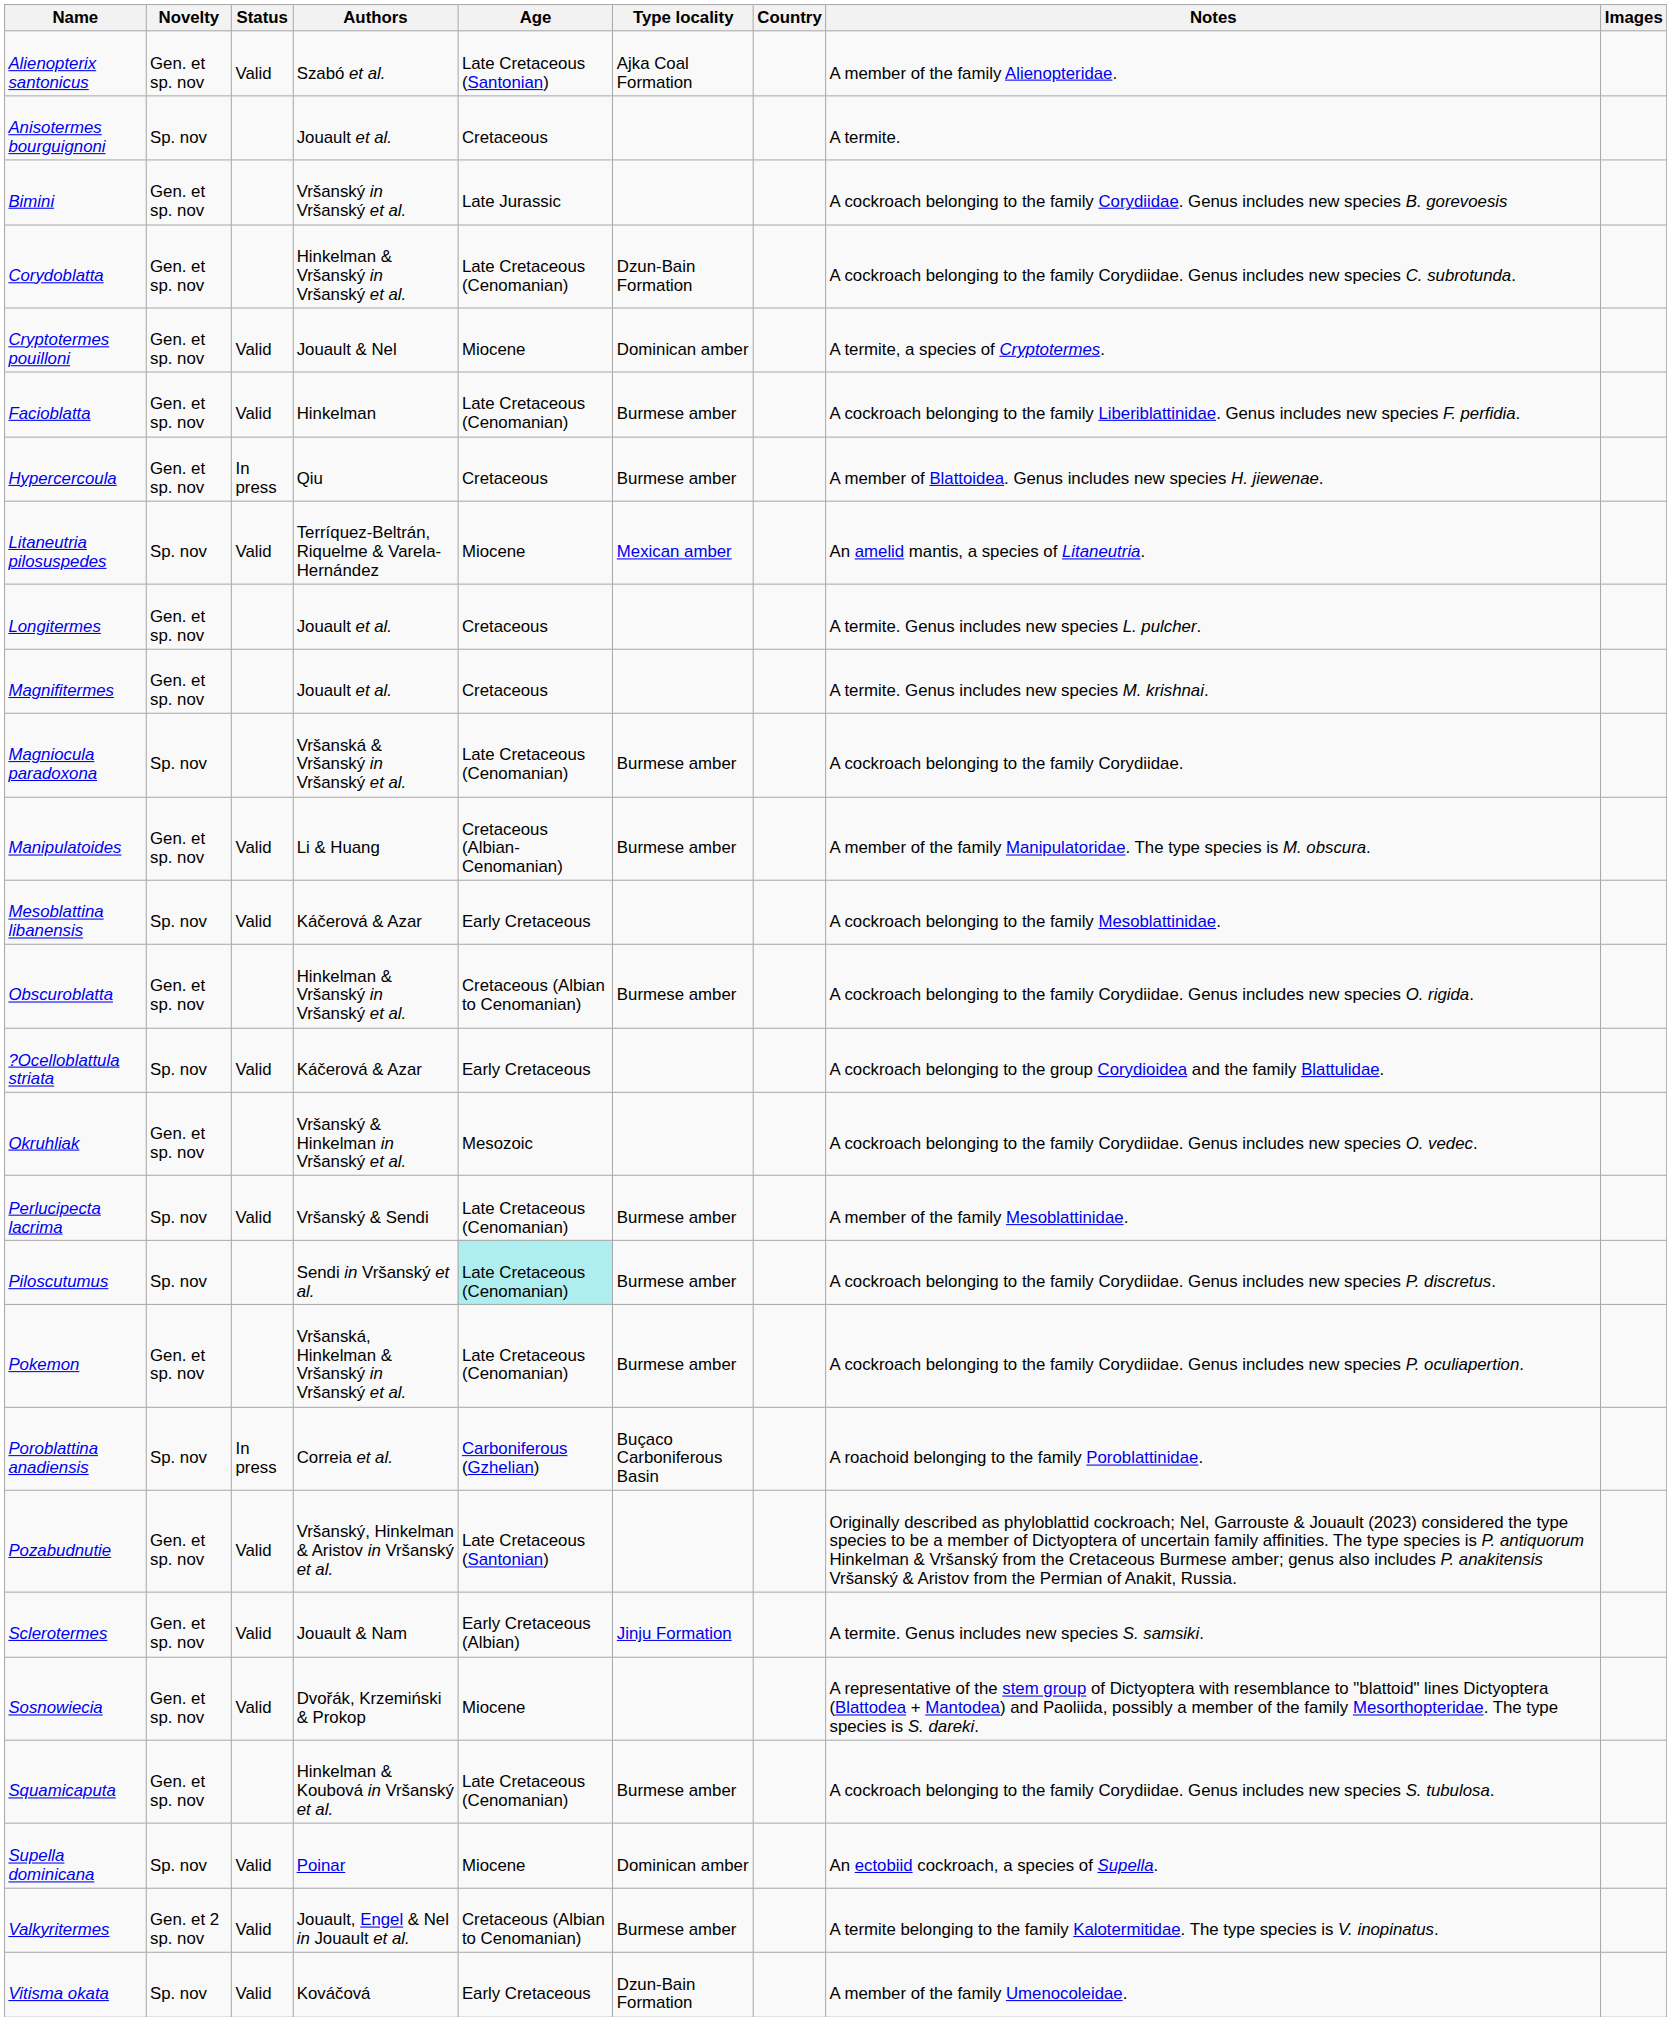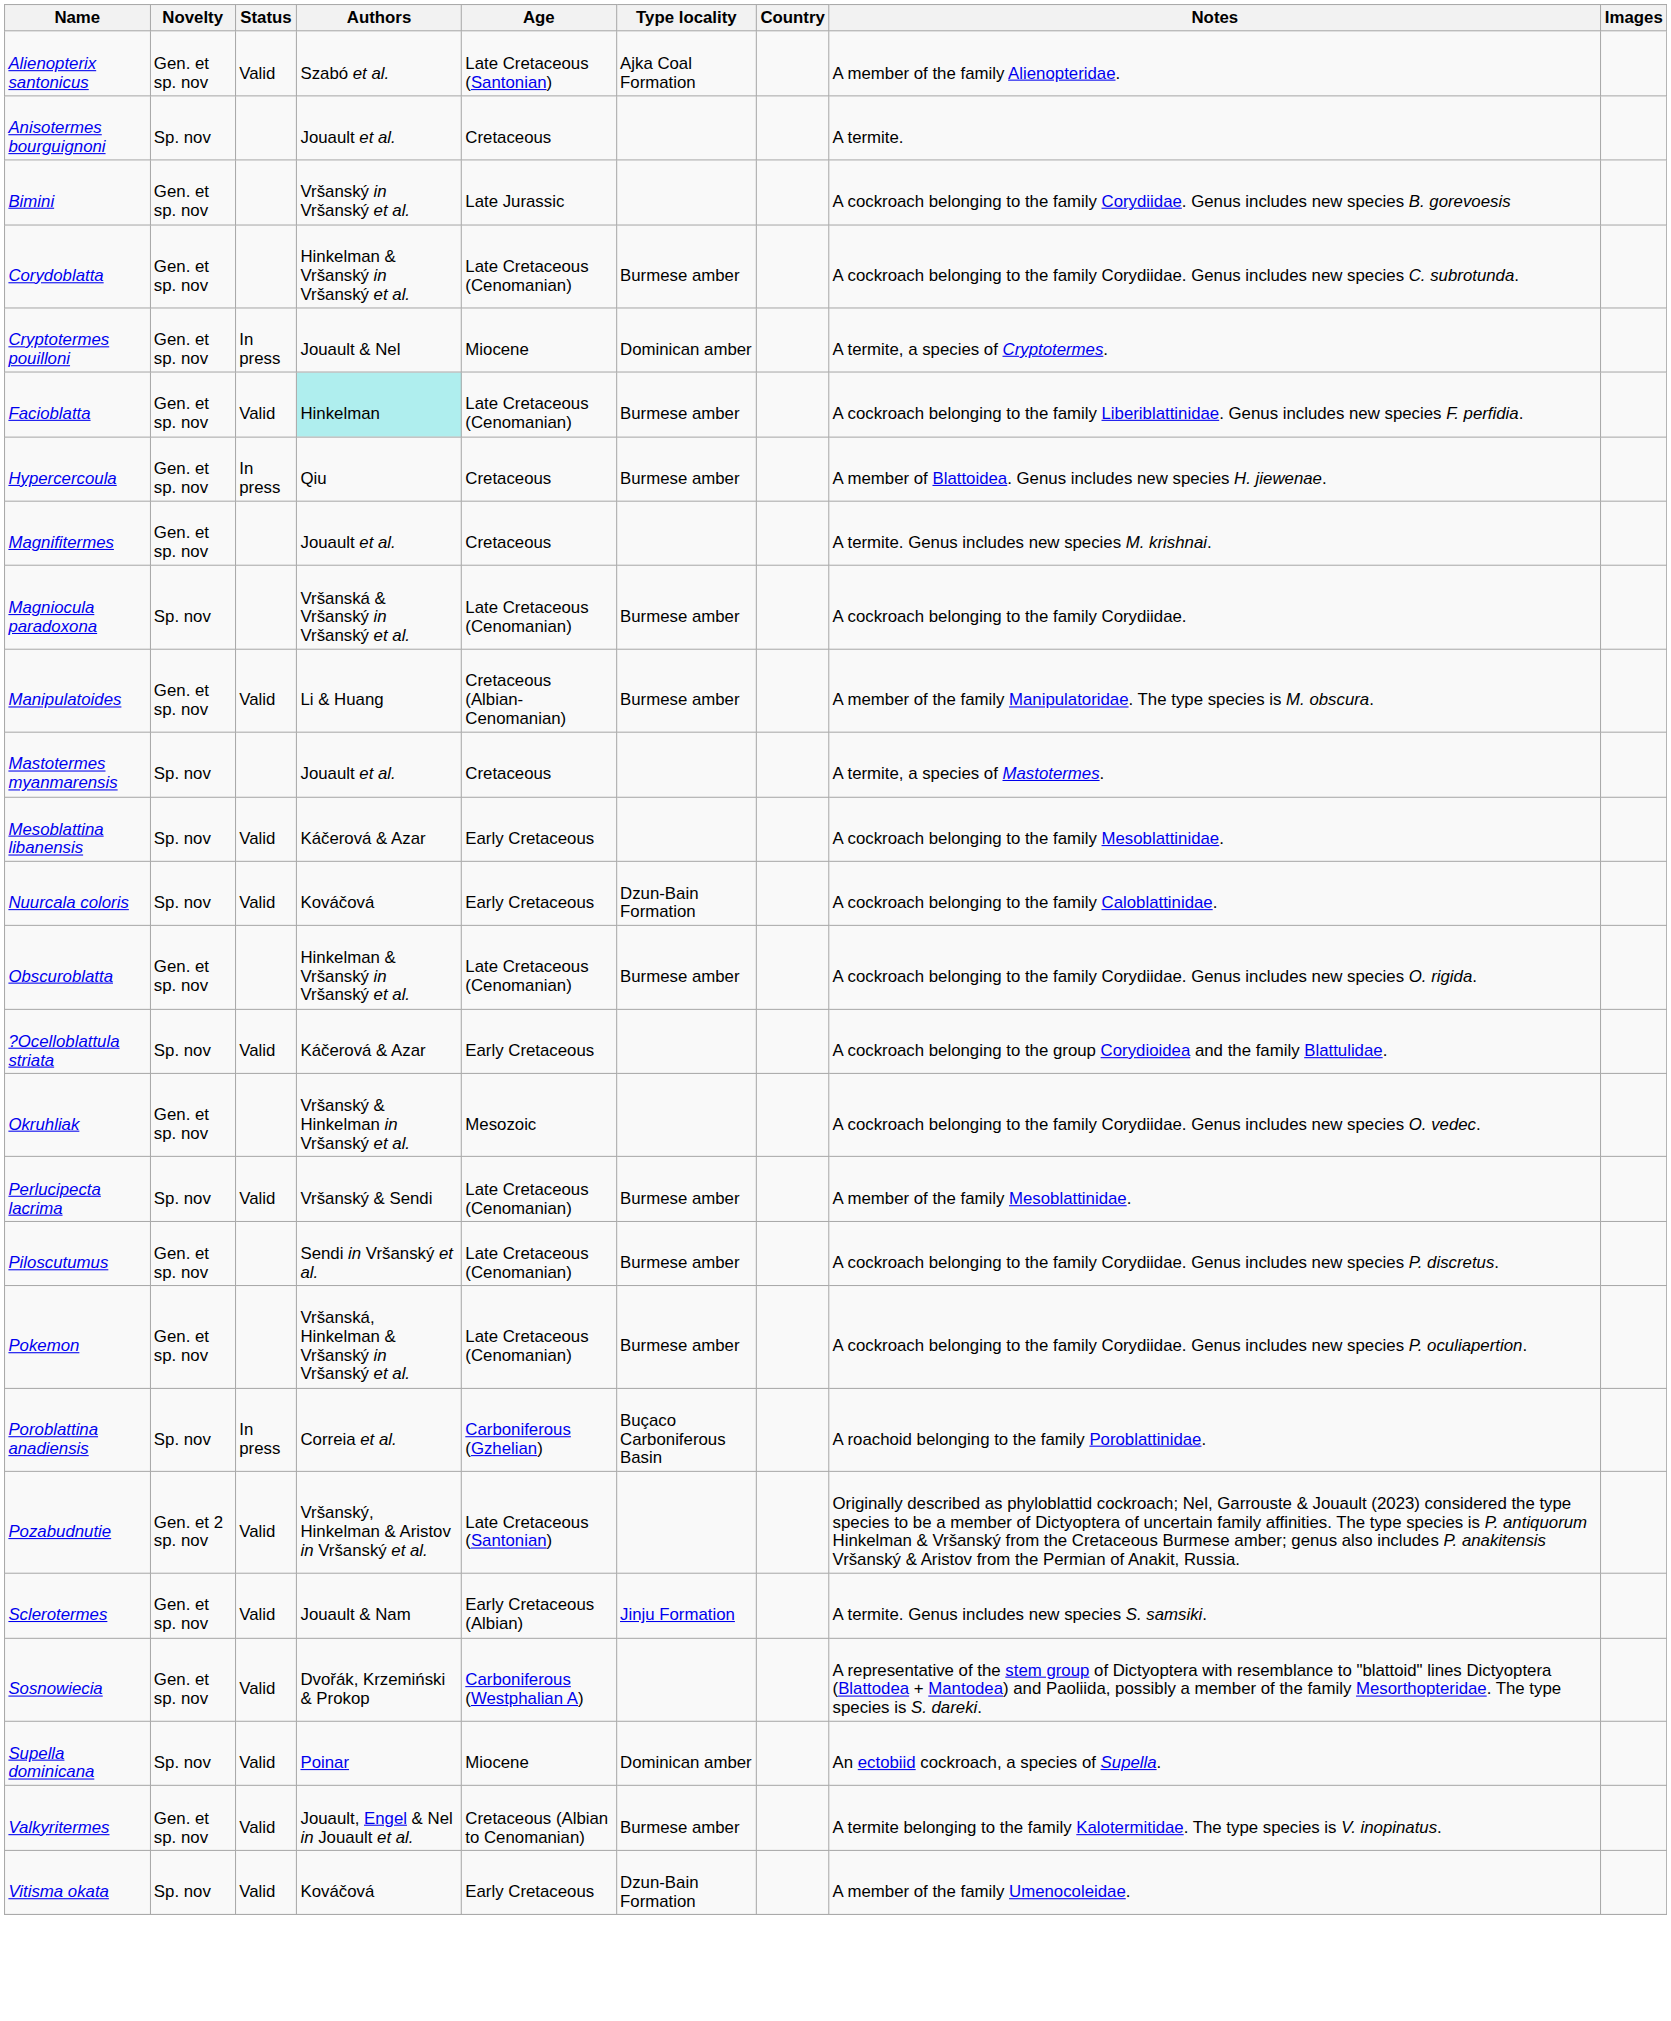 <table class="wikitable sortable" align="center" width="100%">
 <tr>
 <th>Name</th>
 <th>Novelty</th>
 <th>Status</th>
 <th>Authors</th>
 <th>Age</th>
 <th>Type locality</th>
 <th>Country</th>
 <th>Notes</th>
 <th>Images</th>
 </tr>
 <tr>
 <td><br><em><a href='#'>Alienopterix santonicus</a></em></td>
 <td><br>Gen. et sp. nov</td>
 <td><br>Valid</td>
 <td><br>Szabó <em>et al.</em></td>
 <td><br>Late Cretaceous (<a href='#'>Santonian</a>)</td>
 <td><br>Ajka Coal Formation</td>
 <td><br></td>
 <td><br>A member of the family <a href='#'>Alienopteridae</a>.</td>
 <td></td>
 </tr>
 <tr>
 <td><br><em><a href='#'>Anisotermes bourguignoni</a></em></td>
 <td><br>Sp. nov</td>
 <td></td>
 <td><br>Jouault <em>et al.</em></td>
 <td><br>Cretaceous</td>
 <td></td>
 <td><br></td>
 <td><br>A termite.</td>
 <td></td>
 </tr>
 <tr>
 <td><br><em><a href='#'>Bimini</a></em></td>
 <td><br>Gen. et sp. nov</td>
 <td></td>
 <td><br>Vršanský <em>in</em> Vršanský <em>et al.</em></td>
 <td><br>Late Jurassic</td>
 <td></td>
 <td><br></td>
 <td><br>A cockroach belonging to the family <a href='#'>Corydiidae</a>. Genus includes new species <em>B. gorevoesis</em></td>
 <td></td>
 </tr>
 <tr>
 <td><br><em><a href='#'>Corydoblatta</a></em></td>
 <td><br>Gen. et sp. nov</td>
 <td></td>
 <td><br>Hinkelman & Vršanský <em>in</em> Vršanský <em>et al.</em></td>
 <td><br>Late Cretaceous (Cenomanian)</td>
-<td><br>Dzun-Bain Formation</td>
+<td><br>Burmese amber</td>
 <td><br></td>
 <td><br>A cockroach belonging to the family Corydiidae. Genus includes new species <em>C. subrotunda</em>.</td>
 <td></td>
 </tr>
 <tr>
 <td><br><em><a href='#'>Cryptotermes pouilloni</a></em></td>
 <td><br>Gen. et sp. nov</td>
-<td><br>Valid</td>
+<td><br>In press</td>
 <td><br>Jouault & Nel</td>
 <td><br>Miocene</td>
 <td><br>Dominican amber</td>
 <td><br></td>
 <td><br>A termite, a species of <em><a href='#'>Cryptotermes</a></em>.</td>
 <td></td>
 </tr>
 <tr>
 <td><br><em><a href='#'>Facioblatta</a></em></td>
 <td><br>Gen. et sp. nov</td>
 <td><br>Valid</td>
-<td><br>Hinkelman</td>
+<td style="background: paleturquoise;"><br>Hinkelman</td>
 <td><br>Late Cretaceous (Cenomanian)</td>
 <td><br>Burmese amber</td>
 <td><br></td>
 <td><br>A cockroach belonging to the family <a href='#'>Liberiblattinidae</a>. Genus includes new species <em>F. perfidia</em>.</td>
 <td></td>
 </tr>
 <tr>
 <td><br><em><a href='#'>Hypercercoula</a></em></td>
 <td><br>Gen. et sp. nov</td>
 <td><br>In press</td>
 <td><br>Qiu</td>
 <td><br>Cretaceous</td>
 <td><br>Burmese amber</td>
 <td><br></td>
 <td><br>A member of <a href='#'>Blattoidea</a>. Genus includes new species <em>H. jiewenae</em>.</td>
-<td></td>
-</tr>
-<tr>
-<td><br><em><a href='#'>Litaneutria pilosuspedes</a></em></td>
-<td><br>Sp. nov</td>
-<td><br>Valid</td>
-<td><br>Terríquez-Beltrán, Riquelme & Varela-Hernández</td>
-<td><br>Miocene</td>
-<td><br><a href='#'>Mexican amber</a></td>
-<td><br></td>
-<td><br>An <a href='#'>amelid</a> mantis, a species of <em><a href='#'>Litaneutria</a></em>.</td>
-<td></td>
-</tr>
-<tr>
-<td><br><em><a href='#'>Longitermes</a></em></td>
-<td><br>Gen. et sp. nov</td>
-<td></td>
-<td><br>Jouault <em>et al.</em></td>
-<td><br>Cretaceous</td>
-<td></td>
-<td><br></td>
-<td><br>A termite. Genus includes new species <em>L. pulcher</em>.</td>
 <td></td>
 </tr>
 <tr>
 <td><br><em><a href='#'>Magnifitermes</a></em></td>
 <td><br>Gen. et sp. nov</td>
 <td></td>
 <td><br>Jouault <em>et al.</em></td>
 <td><br>Cretaceous</td>
 <td></td>
 <td><br></td>
 <td><br>A termite. Genus includes new species <em>M. krishnai</em>.</td>
 <td></td>
 </tr>
 <tr>
 <td><br><em><a href='#'>Magniocula paradoxona</a></em></td>
 <td><br>Sp. nov</td>
 <td></td>
 <td><br>Vršanská & Vršanský <em>in</em> Vršanský <em>et al.</em></td>
 <td><br>Late Cretaceous (Cenomanian)</td>
 <td><br>Burmese amber</td>
 <td><br></td>
 <td><br>A cockroach belonging to the family Corydiidae.</td>
 <td></td>
 </tr>
 <tr>
 <td><br><em><a href='#'>Manipulatoides</a></em></td>
 <td><br>Gen. et sp. nov</td>
 <td><br>Valid</td>
 <td><br>Li & Huang</td>
 <td><br>Cretaceous (Albian-Cenomanian)</td>
 <td><br>Burmese amber</td>
 <td><br></td>
 <td><br>A member of the family <a href='#'>Manipulatoridae</a>. The type species is <em>M. obscura</em>.</td>
 <td></td>
 </tr>
 <tr>
+<td><br><em><a href='#'>Mastotermes myanmarensis</a></em></td>
+<td><br>Sp. nov</td>
+<td></td>
+<td><br>Jouault <em>et al.</em></td>
+<td><br>Cretaceous</td>
+<td></td>
+<td><br></td>
+<td><br>A termite, a species of <em><a href='#'>Mastotermes</a></em>.</td>
+<td></td>
+</tr>
+<tr>
 <td><br><em><a href='#'>Mesoblattina libanensis</a></em></td>
 <td><br>Sp. nov</td>
 <td><br>Valid</td>
 <td><br>Káčerová & Azar</td>
 <td><br>Early Cretaceous</td>
 <td></td>
 <td><br></td>
 <td><br>A cockroach belonging to the family <a href='#'>Mesoblattinidae</a>.</td>
 <td></td>
 </tr>
 <tr>
+<td><br><em><a href='#'>Nuurcala coloris</a></em></td>
+<td><br>Sp. nov</td>
+<td><br>Valid</td>
+<td><br>Kováčová</td>
+<td><br>Early Cretaceous</td>
+<td><br>Dzun-Bain Formation</td>
+<td><br></td>
+<td><br>A cockroach belonging to the family <a href='#'>Caloblattinidae</a>.</td>
+<td></td>
+</tr>
+<tr>
 <td><br><em><a href='#'>Obscuroblatta</a></em></td>
 <td><br>Gen. et sp. nov</td>
 <td></td>
 <td><br>Hinkelman & Vršanský <em>in</em> Vršanský <em>et al.</em></td>
-<td><br>Cretaceous (Albian to Cenomanian)</td>
+<td><br>Late Cretaceous (Cenomanian)</td>
 <td><br>Burmese amber</td>
 <td><br></td>
 <td><br>A cockroach belonging to the family Corydiidae. Genus includes new species <em>O. rigida</em>.</td>
 <td></td>
 </tr>
 <tr>
 <td><br><em><a href='#'>?Ocelloblattula striata</a></em></td>
 <td><br>Sp. nov</td>
 <td><br>Valid</td>
 <td><br>Káčerová & Azar</td>
 <td><br>Early Cretaceous</td>
 <td></td>
 <td><br></td>
 <td><br>A cockroach belonging to the group <a href='#'>Corydioidea</a> and the family <a href='#'>Blattulidae</a>.</td>
 <td></td>
 </tr>
 <tr>
 <td><br><em><a href='#'>Okruhliak</a></em></td>
 <td><br>Gen. et sp. nov</td>
 <td></td>
 <td><br>Vršanský & Hinkelman <em>in</em> Vršanský <em>et al.</em></td>
 <td><br>Mesozoic</td>
 <td></td>
 <td></td>
 <td><br>A cockroach belonging to the family Corydiidae. Genus includes new species <em>O. vedec</em>.</td>
 <td></td>
 </tr>
 <tr>
 <td><br><em><a href='#'>Perlucipecta lacrima</a></em></td>
 <td><br>Sp. nov</td>
 <td><br>Valid</td>
 <td><br>Vršanský & Sendi</td>
 <td><br>Late Cretaceous (Cenomanian)</td>
 <td><br>Burmese amber</td>
 <td><br></td>
 <td><br>A member of the family <a href='#'>Mesoblattinidae</a>.</td>
 <td></td>
 </tr>
 <tr>
 <td><br><em><a href='#'>Piloscutumus</a></em></td>
-<td><br>Sp. nov</td>
+<td><br>Gen. et sp. nov</td>
 <td></td>
 <td><br>Sendi <em>in</em> Vršanský <em>et al.</em></td>
-<td style="background: paleturquoise;"><br>Late Cretaceous (Cenomanian)</td>
+<td><br>Late Cretaceous (Cenomanian)</td>
 <td><br>Burmese amber</td>
 <td><br></td>
 <td><br>A cockroach belonging to the family Corydiidae. Genus includes new species <em>P. discretus</em>.</td>
 <td></td>
 </tr>
 <tr>
 <td><br><em><a href='#'>Pokemon</a></em></td>
 <td><br>Gen. et sp. nov</td>
 <td></td>
 <td><br>Vršanská, Hinkelman & Vršanský <em>in</em> Vršanský <em>et al.</em></td>
 <td><br>Late Cretaceous (Cenomanian)</td>
 <td><br>Burmese amber</td>
 <td><br></td>
 <td><br>A cockroach belonging to the family Corydiidae. Genus includes new species <em>P. oculiapertion</em>.</td>
 <td></td>
 </tr>
 <tr>
 <td><br><em><a href='#'>Poroblattina anadiensis</a></em></td>
 <td><br>Sp. nov</td>
 <td><br>In press</td>
 <td><br>Correia <em>et al.</em></td>
 <td><br><a href='#'>Carboniferous</a> (<a href='#'>Gzhelian</a>)</td>
 <td><br>Buçaco Carboniferous Basin</td>
 <td><br></td>
 <td><br>A roachoid belonging to the family <a href='#'>Poroblattinidae</a>.</td>
 <td></td>
 </tr>
 <tr>
 <td><br><em><a href='#'>Pozabudnutie</a></em></td>
-<td><br>Gen. et sp. nov</td>
+<td><br>Gen. et 2 sp. nov</td>
 <td><br>Valid</td>
 <td><br>Vršanský, Hinkelman & Aristov <em>in</em> Vršanský <em>et al.</em></td>
 <td><br>Late Cretaceous (<a href='#'>Santonian</a>)</td>
 <td></td>
 <td><br><br> </td>
 <td><br>Originally described as phyloblattid cockroach; Nel, Garrouste & Jouault (2023) considered the type species to be a member of Dictyoptera of uncertain family affinities. The type species is <em>P. antiquorum</em> Hinkelman & Vršanský from the Cretaceous Burmese amber; genus also includes <em>P. anakitensis</em> Vršanský & Aristov from the Permian of Anakit, Russia.</td>
 <td></td>
 </tr>
 <tr>
 <td><br><em><a href='#'>Sclerotermes</a></em></td>
 <td><br>Gen. et sp. nov</td>
 <td><br>Valid</td>
 <td><br>Jouault & Nam</td>
 <td><br>Early Cretaceous (Albian)</td>
 <td><br><a href='#'>Jinju Formation</a></td>
 <td><br></td>
 <td><br>A termite. Genus includes new species <em>S. samsiki</em>.</td>
 <td></td>
 </tr>
 <tr>
 <td><br><em><a href='#'>Sosnowiecia</a></em></td>
 <td><br>Gen. et sp. nov</td>
 <td><br>Valid</td>
 <td><br>Dvořák, Krzemiński & Prokop</td>
-<td><br>Miocene</td>
+<td><br><a href='#'>Carboniferous</a> (<a href='#'>Westphalian A</a>)</td>
 <td></td>
 <td><br></td>
 <td><br>A representative of the <a href='#'>stem group</a> of Dictyoptera with resemblance to "blattoid" lines Dictyoptera (<a href='#'>Blattodea</a> + <a href='#'>Mantodea</a>) and Paoliida, possibly a member of the family <a href='#'>Mesorthopteridae</a>. The type species is <em>S. dareki</em>.</td>
-<td></td>
-</tr>
-<tr>
-<td><br><em><a href='#'>Squamicaputa</a></em></td>
-<td><br>Gen. et sp. nov</td>
-<td></td>
-<td><br>Hinkelman & Koubová <em>in</em> Vršanský <em>et al.</em></td>
-<td><br>Late Cretaceous (Cenomanian)</td>
-<td><br>Burmese amber</td>
-<td><br></td>
-<td><br>A cockroach belonging to the family Corydiidae. Genus includes new species <em>S. tubulosa</em>.</td>
 <td></td>
 </tr>
 <tr>
 <td><br><em><a href='#'>Supella dominicana</a></em></td>
 <td><br>Sp. nov</td>
 <td><br>Valid</td>
 <td><br><a href='#'>Poinar</a></td>
 <td><br>Miocene</td>
 <td><br>Dominican amber</td>
 <td><br></td>
 <td><br>An <a href='#'>ectobiid</a> cockroach, a species of <em><a href='#'>Supella</a></em>.</td>
 <td></td>
 </tr>
 <tr>
 <td><br><em><a href='#'>Valkyritermes</a></em></td>
-<td><br>Gen. et 2 sp. nov</td>
+<td><br>Gen. et sp. nov</td>
 <td><br>Valid</td>
 <td><br>Jouault, <a href='#'>Engel</a> & Nel <em>in</em> Jouault <em>et al.</em></td>
 <td><br>Cretaceous (Albian to Cenomanian)</td>
 <td><br>Burmese amber</td>
 <td><br></td>
 <td><br>A termite belonging to the family <a href='#'>Kalotermitidae</a>. The type species is <em>V. inopinatus</em>.</td>
 <td></td>
 </tr>
 <tr>
 <td><br><em><a href='#'>Vitisma okata</a></em></td>
 <td><br>Sp. nov</td>
 <td><br>Valid</td>
 <td><br>Kováčová</td>
 <td><br>Early Cretaceous</td>
 <td><br>Dzun-Bain Formation</td>
 <td><br></td>
 <td><br>A member of the family <a href='#'>Umenocoleidae</a>.</td>
 <td></td>
 </tr>
 <tr>
 </tr>
 </table>
